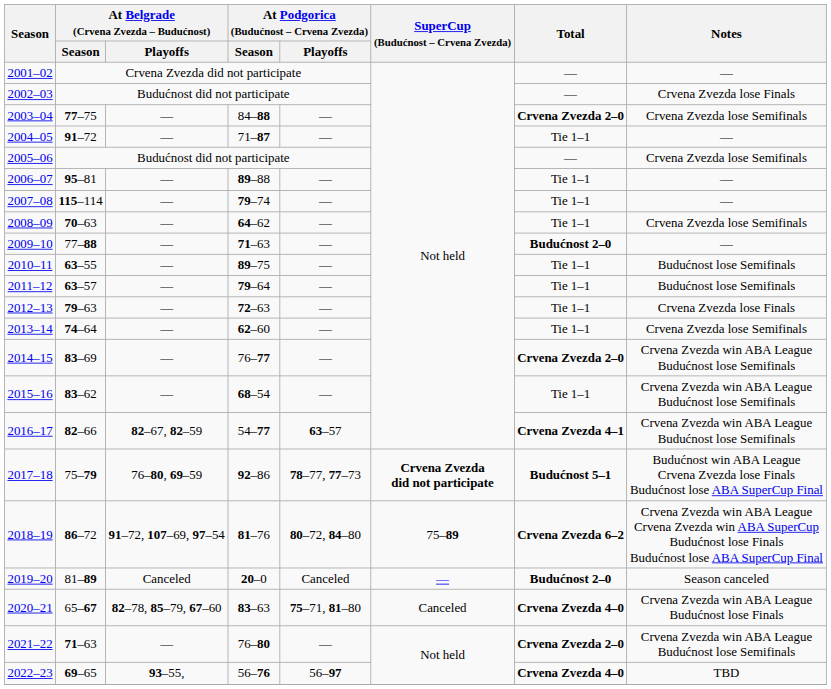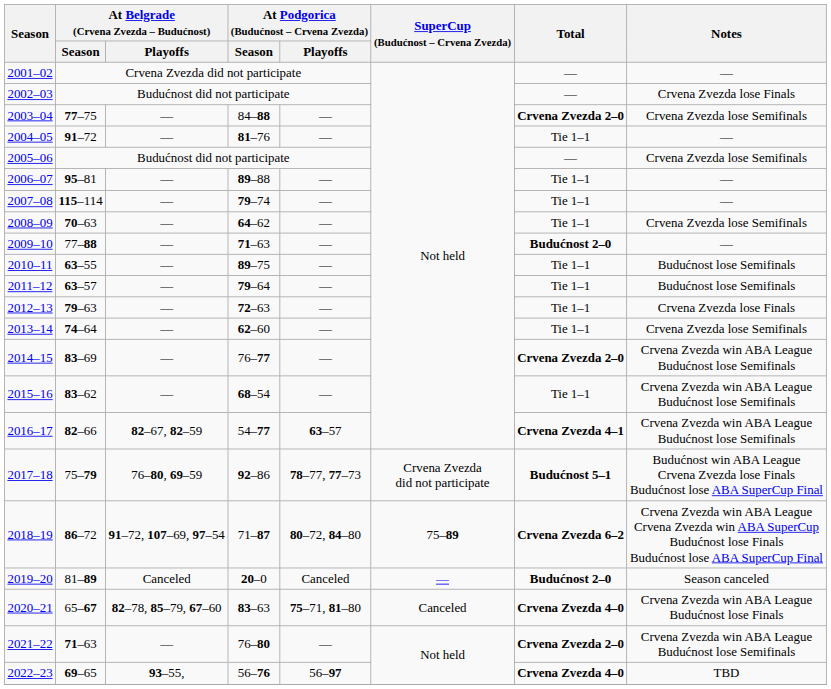 <table class="wikitable" style="text-align: center; font-size:95%">
 <tr>
 <th rowspan=2>Season</th>
 <th colspan=2>At <a href='#'>Belgrade</a><br><small>(Crvena Zvezda – Budućnost)</small></th>
 <th colspan=2>At <a href='#'>Podgorica</a><br><small>(Budućnost – Crvena Zvezda)</small></th>
 <th rowspan=2><a href='#'>SuperCup</a><br><small>(Budućnost – Crvena Zvezda)</small></th>
 <th rowspan=2>Total</th>
 <th rowspan=2>Notes</th>
 </tr>
 <tr>
 <th>Season</th>
 <th>Playoffs</th>
 <th>Season</th>
 <th>Playoffs</th>
 </tr>
 <tr>
 <td><a href='#'>2001–02</a></td>
 <td colspan=4 align="center">Crvena Zvezda did not participate</td>
 <td rowspan=16>Not held</td>
 <td>—</td>
 <td>—</td>
 </tr>
 <tr>
 <td><a href='#'>2002–03</a></td>
 <td colspan=4 align="center">Budućnost did not participate</td>
 <td>—</td>
 <td>Crvena Zvezda lose Finals</td>
 </tr>
 <tr>
 <td><a href='#'>2003–04</a></td>
 <td><strong>77</strong>–75</td>
 <td>—</td>
 <td>84–<strong>88</strong></td>
 <td>—</td>
 <td><strong>Crvena Zvezda 2–0</strong></td>
 <td>Crvena Zvezda lose Semifinals</td>
 </tr>
 <tr>
 <td><a href='#'>2004–05</a></td>
 <td><strong>91</strong>–72</td>
 <td>—</td>
-<td>71–<strong>87</strong></td>
+<td><strong>81</strong>–76</td>
 <td>—</td>
 <td>Tie 1–1</td>
 <td>—</td>
 </tr>
 <tr>
 <td><a href='#'>2005–06</a></td>
 <td colspan=4 align="center">Budućnost did not participate</td>
 <td>—</td>
 <td>Crvena Zvezda lose Semifinals</td>
 </tr>
 <tr>
 <td><a href='#'>2006–07</a></td>
 <td><strong>95</strong>–81</td>
 <td>—</td>
 <td><strong>89</strong>–88</td>
 <td>—</td>
 <td>Tie 1–1</td>
 <td>—</td>
 </tr>
 <tr>
 <td><a href='#'>2007–08</a></td>
 <td><strong>115</strong>–114</td>
 <td>—</td>
 <td><strong>79</strong>–74</td>
 <td>—</td>
 <td>Tie 1–1</td>
 <td>—</td>
 </tr>
 <tr>
 <td><a href='#'>2008–09</a></td>
 <td><strong>70</strong>–63</td>
 <td>—</td>
 <td><strong>64</strong>–62</td>
 <td>—</td>
 <td>Tie 1–1</td>
 <td>Crvena Zvezda lose Semifinals</td>
 </tr>
 <tr>
 <td><a href='#'>2009–10</a></td>
 <td>77–<strong>88</strong></td>
 <td>—</td>
 <td><strong>71</strong>–63</td>
 <td>—</td>
 <td><strong>Budućnost 2–0</strong></td>
 <td>—</td>
 </tr>
 <tr>
 <td><a href='#'>2010–11</a></td>
 <td><strong>63</strong>–55</td>
 <td>—</td>
 <td><strong>89</strong>–75</td>
 <td>—</td>
 <td>Tie 1–1</td>
 <td>Budućnost lose Semifinals</td>
 </tr>
 <tr>
 <td><a href='#'>2011–12</a></td>
 <td><strong>63</strong>–57</td>
 <td>—</td>
 <td><strong>79</strong>–64</td>
 <td>—</td>
 <td>Tie 1–1</td>
 <td>Budućnost lose Semifinals</td>
 </tr>
 <tr>
 <td><a href='#'>2012–13</a></td>
 <td><strong>79</strong>–63</td>
 <td>—</td>
 <td><strong>72</strong>–63</td>
 <td>—</td>
 <td>Tie 1–1</td>
 <td>Crvena Zvezda lose Finals</td>
 </tr>
 <tr>
 <td><a href='#'>2013–14</a></td>
 <td><strong>74</strong>–64</td>
 <td>—</td>
 <td><strong>62</strong>–60</td>
 <td>—</td>
 <td>Tie 1–1</td>
 <td>Crvena Zvezda lose Semifinals</td>
 </tr>
 <tr>
 <td><a href='#'>2014–15</a></td>
 <td><strong>83</strong>–69</td>
 <td>—</td>
 <td>76–<strong>77</strong></td>
 <td>—</td>
 <td><strong>Crvena Zvezda 2–0</strong></td>
 <td>Crvena Zvezda win ABA League<br>Budućnost lose Semifinals</td>
 </tr>
 <tr>
 <td><a href='#'>2015–16</a></td>
 <td><strong>83</strong>–62</td>
 <td>—</td>
 <td><strong>68</strong>–54</td>
 <td>—</td>
 <td>Tie 1–1</td>
 <td>Crvena Zvezda win ABA League<br>Budućnost lose Semifinals</td>
 </tr>
 <tr>
 <td><a href='#'>2016–17</a></td>
 <td><strong>82</strong>–66</td>
 <td><strong>82</strong>–67, <strong>82</strong>–59</td>
 <td>54–<strong>77</strong></td>
 <td><strong>63</strong>–57</td>
 <td><strong>Crvena Zvezda 4–1</strong></td>
 <td>Crvena Zvezda win ABA League<br>Budućnost lose Semifinals</td>
 </tr>
 <tr>
 <td><a href='#'>2017–18</a></td>
 <td>75–<strong>79</strong></td>
 <td>76–<strong>80</strong>, <strong>69</strong>–59</td>
 <td><strong>92</strong>–86</td>
 <td><strong>78</strong>–77, <strong>77</strong>–73</td>
-<td><strong>Crvena Zvezda<br>did not participate</strong></td>
+<td>Crvena Zvezda<br>did not participate</td>
 <td><strong>Budućnost 5–1</strong></td>
 <td>Budućnost win ABA League<br>Crvena Zvezda lose Finals<br>Budućnost lose <a href='#'>ABA SuperCup Final</a></td>
 </tr>
 <tr>
 <td><a href='#'>2018–19</a></td>
 <td><strong>86</strong>–72</td>
 <td><strong>91</strong>–72, <strong>107</strong>–69, <strong>97</strong>–54</td>
-<td><strong>81</strong>–76</td>
+<td>71–<strong>87</strong></td>
 <td><strong>80</strong>–72, <strong>84</strong>–80</td>
 <td>75–<strong>89</strong></td>
 <td><strong>Crvena Zvezda 6–2</strong></td>
 <td>Crvena Zvezda win ABA League<br>Crvena Zvezda win <a href='#'>ABA SuperCup</a><br>Budućnost lose Finals<br>Budućnost lose <a href='#'>ABA SuperCup Final</a></td>
 </tr>
 <tr>
 <td><a href='#'>2019–20</a></td>
 <td>81–<strong>89</strong></td>
 <td>Canceled</td>
 <td><strong>20</strong>–0</td>
 <td>Canceled</td>
 <td><a href='#'>—</a></td>
 <td><strong>Budućnost 2–0</strong></td>
 <td>Season canceled</td>
 </tr>
 <tr>
 <td><a href='#'>2020–21</a></td>
 <td>65–<strong>67</strong></td>
 <td><strong>82</strong>–78, <strong>85</strong>–79, <strong>67</strong>–60</td>
 <td><strong>83</strong>–63</td>
 <td><strong>75</strong>–71, <strong>81</strong>–80</td>
 <td>Canceled</td>
 <td><strong>Crvena Zvezda 4–0</strong></td>
 <td>Crvena Zvezda win ABA League<br>Budućnost lose Finals</td>
 </tr>
 <tr>
 <td><a href='#'>2021–22</a></td>
 <td><strong>71</strong>–63</td>
 <td>—</td>
 <td>76–<strong>80</strong></td>
 <td>—</td>
 <td rowspan=2>Not held</td>
 <td><strong>Crvena Zvezda 2–0</strong></td>
 <td>Crvena Zvezda win ABA League<br>Budućnost lose Semifinals</td>
 </tr>
 <tr>
 <td><a href='#'>2022–23</a></td>
 <td><strong>69</strong>–65</td>
 <td><strong>93</strong>–55,</td>
 <td>56–<strong>76</strong></td>
 <td>56–<strong>97</strong></td>
 <td><strong>Crvena Zvezda 4–0</strong></td>
 <td>TBD</td>
 </tr>
 <tr>
 </tr>
 </table>
